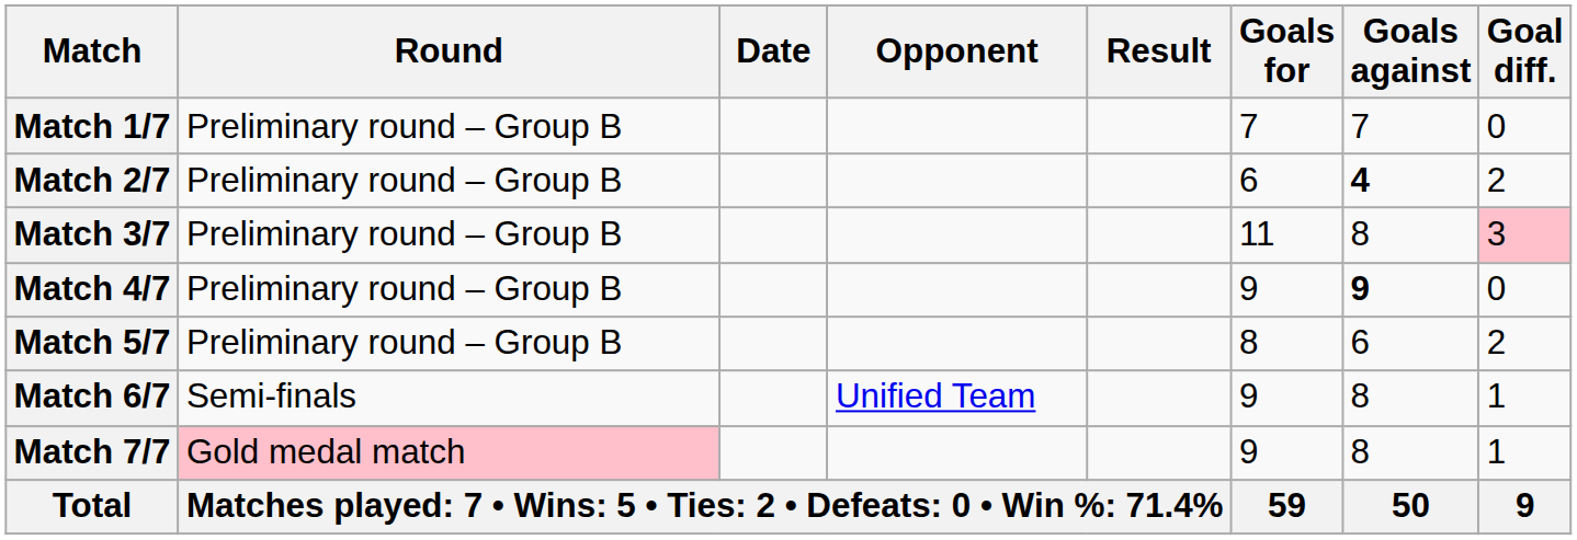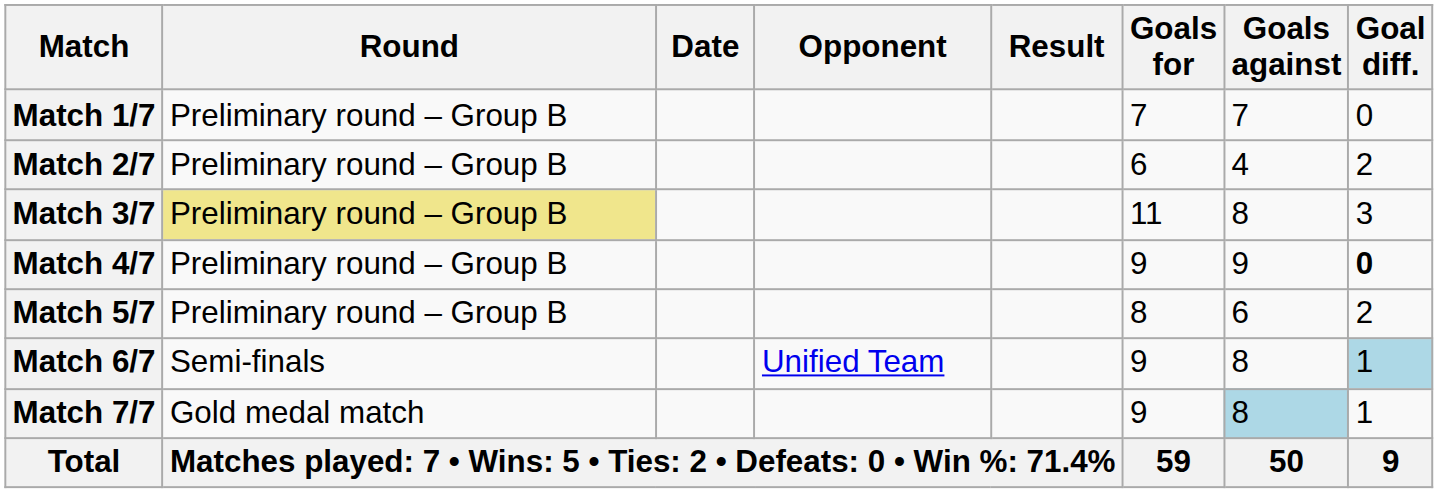 <table class="wikitable sortable sticky-header defaultcenter col3right col4left" style="font-size: 100%; margin-left: 1em;">
 <tr>
 <th scope="col">Match</th>
 <th scope="col">Round</th>
 <th scope="col">Date</th>
 <th scope="col">Opponent</th>
 <th scope="col">Result</th>
 <th scope="col">Goals<br>for</th>
 <th scope="col">Goals<br>against</th>
 <th scope="col">Goal<br>diff.</th>
 </tr>
 <tr>
 <th scope="row">Match 1/7</th>
 <td>Preliminary round – Group B</td>
 <td></td>
 <td></td>
 <td></td>
 <td>7</td>
 <td>7</td>
 <td>0</td>
 </tr>
 <tr>
 <th scope="row">Match 2/7</th>
 <td>Preliminary round – Group B</td>
 <td></td>
 <td></td>
 <td></td>
 <td>6</td>
-<td><strong>4</strong></td>
+<td>4</td>
 <td>2</td>
 </tr>
 <tr>
 <th scope="row">Match 3/7</th>
-<td>Preliminary round – Group B</td>
+<td style="background: khaki;">Preliminary round – Group B</td>
 <td></td>
 <td></td>
 <td></td>
 <td>11</td>
 <td>8</td>
-<td style="background: pink;">3</td>
+<td>3</td>
 </tr>
 <tr>
 <th scope="row">Match 4/7</th>
 <td>Preliminary round – Group B</td>
 <td></td>
 <td></td>
 <td></td>
 <td>9</td>
-<td><strong>9</strong></td>
-<td>0</td>
+<td>9</td>
+<td><strong>0</strong></td>
 </tr>
 <tr>
 <th scope="row">Match 5/7</th>
 <td>Preliminary round – Group B</td>
 <td></td>
 <td></td>
 <td></td>
 <td>8</td>
 <td>6</td>
 <td>2</td>
 </tr>
 <tr>
 <th scope="row">Match 6/7</th>
 <td>Semi-finals</td>
 <td></td>
 <td data-sort-value="Unified Team"> <a href='#'>Unified Team</a></td>
 <td></td>
 <td>9</td>
 <td>8</td>
-<td>1</td>
+<td style="background: lightblue;">1</td>
 </tr>
 <tr>
 <th scope="row">Match 7/7</th>
-<td style="background: pink;">Gold medal match</td>
+<td>Gold medal match</td>
 <td></td>
 <td></td>
 <td></td>
 <td>9</td>
-<td>8</td>
+<td style="background: lightblue;">8</td>
 <td>1</td>
 </tr>
 <tr class="sortbottom">
 <th>Total</th>
 <th colspan="4">Matches played: 7 • Wins: 5 • Ties: 2 • Defeats: 0 • Win %: 71.4%</th>
 <th>59</th>
 <th>50</th>
 <th>9</th>
 </tr>
 </table>
